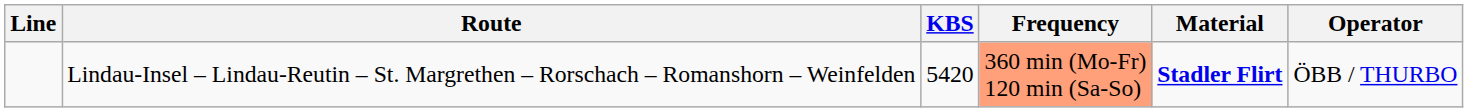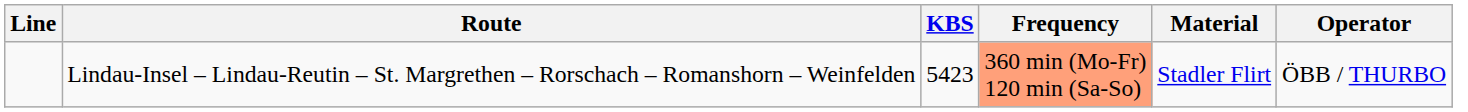 <table class="wikitable sortable" style="">
 <tr>
 <th>Line</th>
 <th>Route</th>
 <th><a href='#'>KBS</a></th>
 <th>Frequency</th>
 <th>Material</th>
 <th>Operator</th>
 </tr>
 <tr>
 <td align="center"></td>
 <td>Lindau-Insel – Lindau-Reutin – St. Margrethen – Rorschach – Romanshorn – Weinfelden</td>
-<td>5420</td>
+<td>5423</td>
 <td style="background: lightsalmon;">360 min (Mo-Fr)<br>120 min (Sa-So)</td>
-<td><strong><a href='#'>Stadler Flirt</a></strong></td>
+<td><a href='#'>Stadler Flirt</a></td>
 <td>ÖBB / <a href='#'>THURBO</a></td>
 </tr>
 </table>
